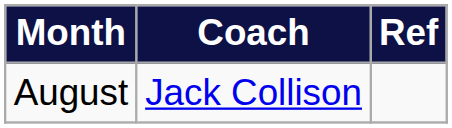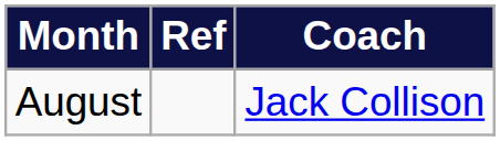 <table class=wikitable>
 <tr>
 <th style="background:#0E1145; color:#FFFFFF;">Month</th>
+<th style="background:#0E1145; color:#FFFFFF;">Ref</th>
 <th style="background:#0E1145; color:#FFFFFF;">Coach</th>
-<th style="background:#0E1145; color:#FFFFFF;">Ref</th>
 </tr>
 <tr>
 <td>August</td>
+<td></td>
 <td> <a href='#'>Jack Collison</a></td>
-<td></td>
 </tr>
 </table>
